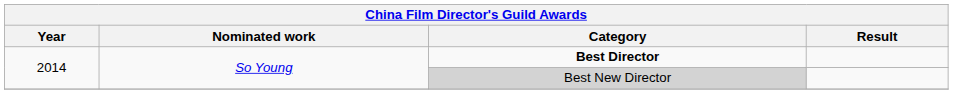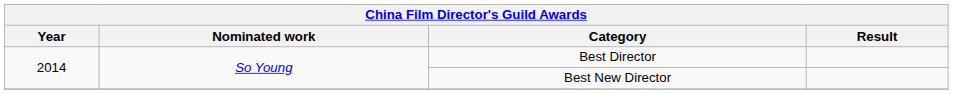 <table width="90%" class="wikitable">
 <tr>
 <th colspan="4" align="center"><a href='#'>China Film Director's Guild Awards</a></th>
 </tr>
 <tr>
 <th width="10%">Year</th>
 <th width="35%">Nominated work</th>
 <th width="40%">Category</th>
 <th width="15%">Result</th>
 </tr>
 <tr>
 <td rowspan=2 align="center">2014</td>
 <td rowspan=2 align="center"><em><a href='#'>So Young</a></em></td>
-<td align="center"><strong>Best Director</strong></td>
+<td align="center">Best Director</td>
 <td></td>
 </tr>
 <tr>
-<td align="center" style="background: lightgrey;">Best New Director</td>
+<td align="center">Best New Director</td>
 <td></td>
 </tr>
 <tr>
 </tr>
 </table>
